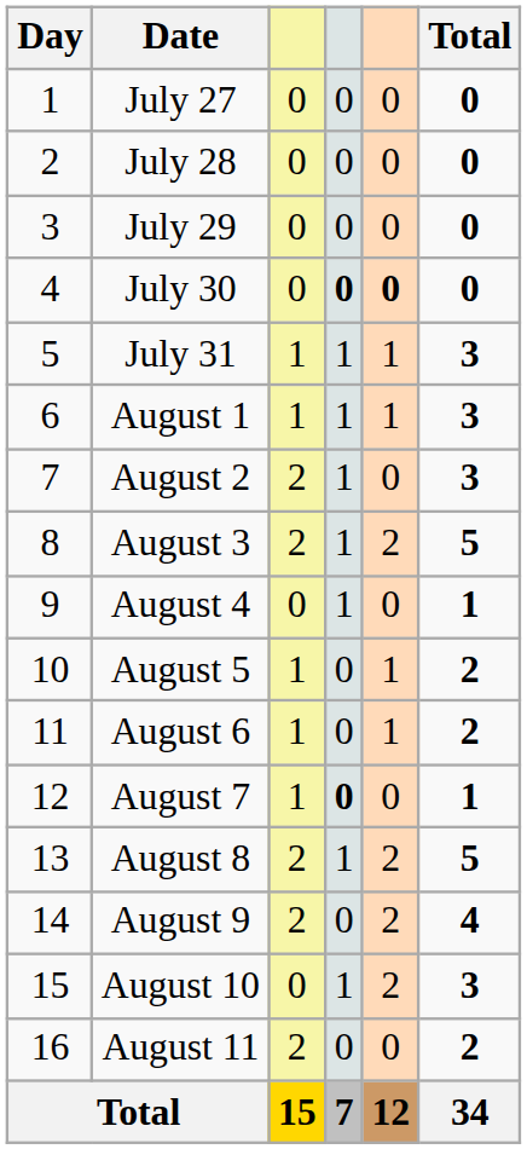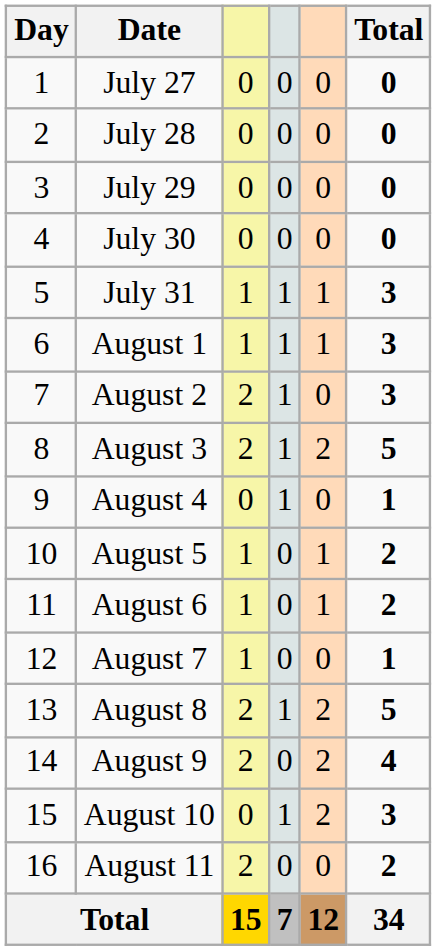 <table class=wikitable style=font-size:85%;float:right;text-align:center>
 <tr>
 <th>Day</th>
 <th>Date</th>
 <td bgcolor=F7F6A8></td>
 <td bgcolor=DCE5E5></td>
 <td bgcolor=FFDAB9></td>
 <th>Total</th>
 </tr>
 <tr>
 <td>1</td>
 <td>July 27</td>
 <td bgcolor=F7F6A8>0</td>
 <td bgcolor=DCE5E5>0</td>
 <td bgcolor=FFDAB9>0</td>
 <td><strong>0</strong></td>
 </tr>
 <tr>
 <td>2</td>
 <td>July 28</td>
 <td bgcolor=F7F6A8>0</td>
 <td bgcolor=DCE5E5>0</td>
 <td bgcolor=FFDAB9>0</td>
 <td><strong>0</strong></td>
 </tr>
 <tr>
 <td>3</td>
 <td>July 29</td>
 <td bgcolor=F7F6A8>0</td>
 <td bgcolor=DCE5E5>0</td>
 <td bgcolor=FFDAB9>0</td>
 <td><strong>0</strong></td>
 </tr>
 <tr>
 <td>4</td>
 <td>July 30</td>
 <td bgcolor=F7F6A8>0</td>
-<td bgcolor=DCE5E5><strong>0</strong></td>
-<td bgcolor=FFDAB9><strong>0</strong></td>
+<td bgcolor=DCE5E5>0</td>
+<td bgcolor=FFDAB9>0</td>
 <td><strong>0</strong></td>
 </tr>
 <tr>
 <td>5</td>
 <td>July 31</td>
 <td bgcolor=F7F6A8>1</td>
 <td bgcolor=DCE5E5>1</td>
 <td bgcolor=FFDAB9>1</td>
 <td><strong>3</strong></td>
 </tr>
 <tr>
 <td>6</td>
 <td>August 1</td>
 <td bgcolor=F7F6A8>1</td>
 <td bgcolor=DCE5E5>1</td>
 <td bgcolor=FFDAB9>1</td>
 <td><strong>3</strong></td>
 </tr>
 <tr>
 <td>7</td>
 <td>August 2</td>
 <td bgcolor=F7F6A8>2</td>
 <td bgcolor=DCE5E5>1</td>
 <td bgcolor=FFDAB9>0</td>
 <td><strong>3</strong></td>
 </tr>
 <tr>
 <td>8</td>
 <td>August 3</td>
 <td bgcolor=F7F6A8>2</td>
 <td bgcolor=DCE5E5>1</td>
 <td bgcolor=FFDAB9>2</td>
 <td><strong>5</strong></td>
 </tr>
 <tr>
 <td>9</td>
 <td>August 4</td>
 <td bgcolor=F7F6A8>0</td>
 <td bgcolor=DCE5E5>1</td>
 <td bgcolor=FFDAB9>0</td>
 <td><strong>1</strong></td>
 </tr>
 <tr>
 <td>10</td>
 <td>August 5</td>
 <td bgcolor=F7F6A8>1</td>
 <td bgcolor=DCE5E5>0</td>
 <td bgcolor=FFDAB9>1</td>
 <td><strong>2</strong></td>
 </tr>
 <tr>
 <td>11</td>
 <td>August 6</td>
 <td bgcolor=F7F6A8>1</td>
 <td bgcolor=DCE5E5>0</td>
 <td bgcolor=FFDAB9>1</td>
 <td><strong>2</strong></td>
 </tr>
 <tr>
 <td>12</td>
 <td>August 7</td>
 <td bgcolor=F7F6A8>1</td>
-<td bgcolor=DCE5E5><strong>0</strong></td>
+<td bgcolor=DCE5E5>0</td>
 <td bgcolor=FFDAB9>0</td>
 <td><strong>1</strong></td>
 </tr>
 <tr>
 <td>13</td>
 <td>August 8</td>
 <td bgcolor=F7F6A8>2</td>
 <td bgcolor=DCE5E5>1</td>
 <td bgcolor=FFDAB9>2</td>
 <td><strong>5</strong></td>
 </tr>
 <tr>
 <td>14</td>
 <td>August 9</td>
 <td bgcolor=F7F6A8>2</td>
 <td bgcolor=DCE5E5>0</td>
 <td bgcolor=FFDAB9>2</td>
 <td><strong>4</strong></td>
 </tr>
 <tr>
 <td>15</td>
 <td>August 10</td>
 <td bgcolor=F7F6A8>0</td>
 <td bgcolor=DCE5E5>1</td>
 <td bgcolor=FFDAB9>2</td>
 <td><strong>3</strong></td>
 </tr>
 <tr>
 <td>16</td>
 <td>August 11</td>
 <td bgcolor=F7F6A8>2</td>
 <td bgcolor=DCE5E5>0</td>
 <td bgcolor=FFDAB9>0</td>
 <td><strong>2</strong></td>
 </tr>
 <tr>
 <th colspan=2>Total</th>
 <th style=background:gold>15</th>
 <th style=background:silver>7</th>
 <th style=background:#c96>12</th>
 <th>34</th>
 </tr>
 </table>
